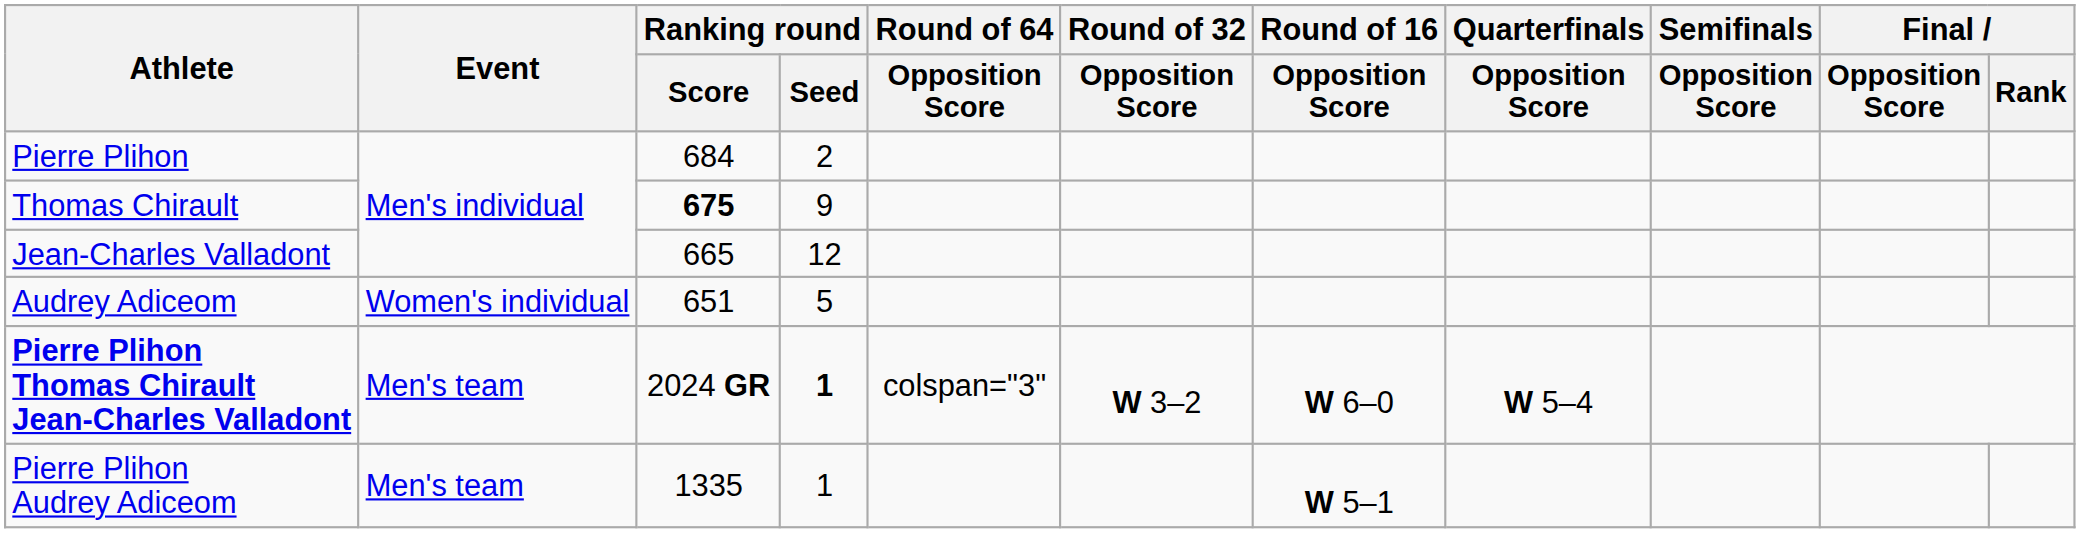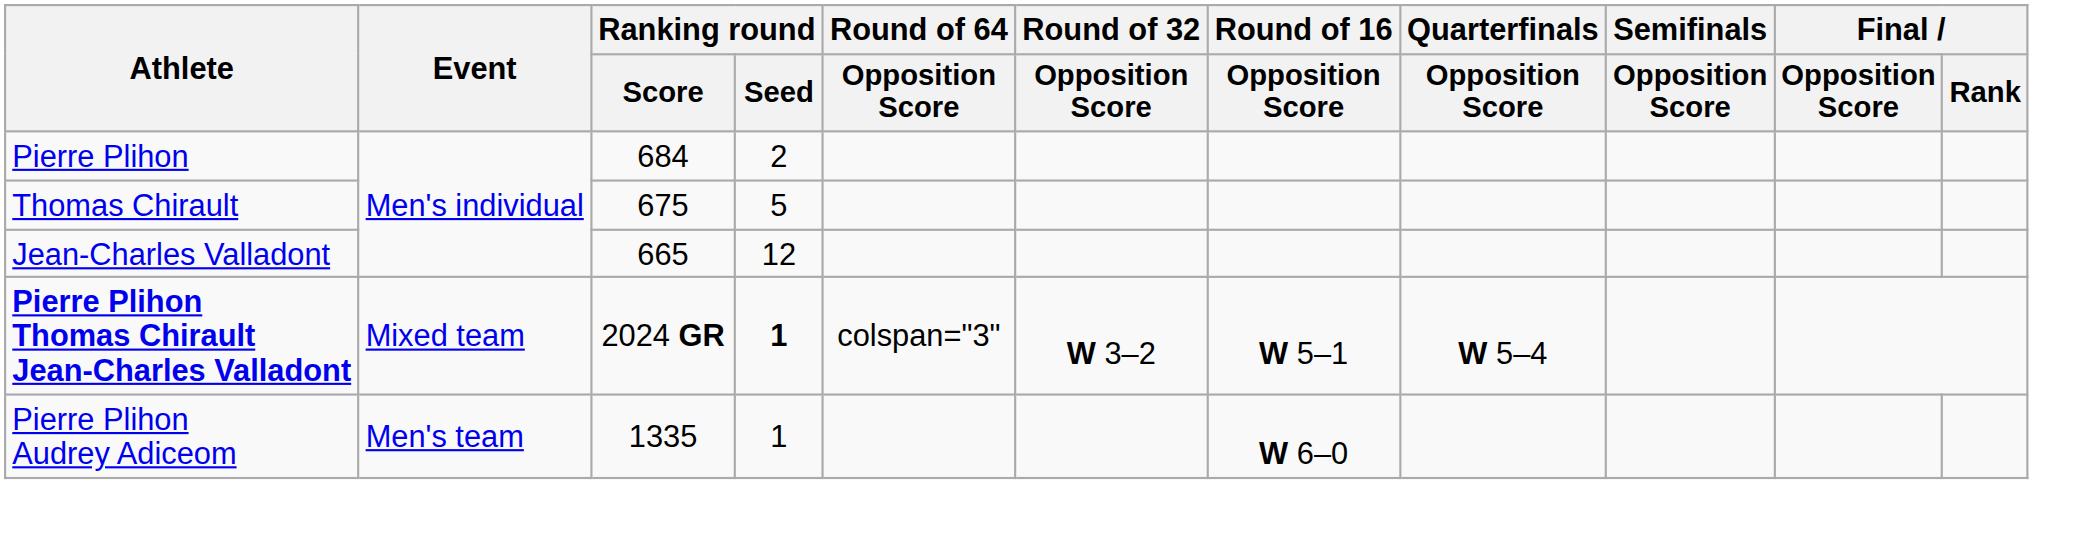 <table class="wikitable" style="text-align:center; font-size:90%">
 <tr>
 <th rowspan="2">Athlete</th>
 <th rowspan="2">Event</th>
 <th colspan="2">Ranking round</th>
 <th>Round of 64</th>
 <th>Round of 32</th>
 <th>Round of 16</th>
 <th>Quarterfinals</th>
 <th>Semifinals</th>
 <th colspan="2">Final / </th>
 </tr>
 <tr style="font-size:95%">
 <th>Score</th>
 <th>Seed</th>
 <th>Opposition<br>Score</th>
 <th>Opposition<br>Score</th>
 <th>Opposition<br>Score</th>
 <th>Opposition<br>Score</th>
 <th>Opposition<br>Score</th>
 <th>Opposition<br>Score</th>
 <th>Rank</th>
 </tr>
 <tr>
 <td align="left"><a href='#'>Pierre Plihon</a></td>
 <td align="left" rowspan="3"><a href='#'>Men's individual</a></td>
 <td>684</td>
 <td>2</td>
 <td></td>
 <td></td>
 <td></td>
 <td></td>
 <td></td>
 <td></td>
 <td></td>
 </tr>
 <tr>
 <td align="left"><a href='#'>Thomas Chirault</a></td>
-<td><strong>675</strong></td>
-<td>9</td>
+<td>675</td>
+<td>5</td>
 <td></td>
 <td></td>
 <td></td>
 <td></td>
 <td></td>
 <td></td>
 <td></td>
 </tr>
 <tr>
 <td align="left"><a href='#'>Jean-Charles Valladont</a></td>
 <td>665</td>
 <td>12</td>
 <td></td>
 <td></td>
 <td></td>
 <td></td>
 <td></td>
 <td></td>
 <td></td>
 </tr>
 <tr>
-<td align="left"><a href='#'>Audrey Adiceom</a></td>
-<td align="left"><a href='#'>Women's individual</a></td>
-<td>651</td>
-<td>5</td>
-<td></td>
-<td></td>
-<td></td>
-<td></td>
-<td></td>
-<td></td>
-<td></td>
-</tr>
-<tr>
 <td align="left"><strong><a href='#'>Pierre Plihon</a><br><a href='#'>Thomas Chirault</a><br><a href='#'>Jean-Charles Valladont</a></strong></td>
-<td align="left"><a href='#'>Men's team</a></td>
+<td align="left"><a href='#'>Mixed team</a></td>
 <td>2024 <strong>GR</strong></td>
 <td><strong>1</strong></td>
 <td>colspan="3" </td>
 <td><br><strong>W</strong> 3–2</td>
-<td><br><strong>W</strong> 6–0</td>
+<td><br><strong>W</strong> 5–1</td>
 <td><br><strong>W</strong> 5–4</td>
 <td></td>
 </tr>
 <tr>
 <td align="left"><a href='#'>Pierre Plihon</a><br><a href='#'>Audrey Adiceom</a></td>
 <td align="left"><a href='#'>Men's team</a></td>
 <td>1335</td>
 <td>1</td>
 <td></td>
 <td></td>
-<td><br><strong>W</strong> 5–1</td>
+<td><br><strong>W</strong> 6–0</td>
 <td><br></td>
 <td></td>
 <td></td>
 <td></td>
 </tr>
 </table>
